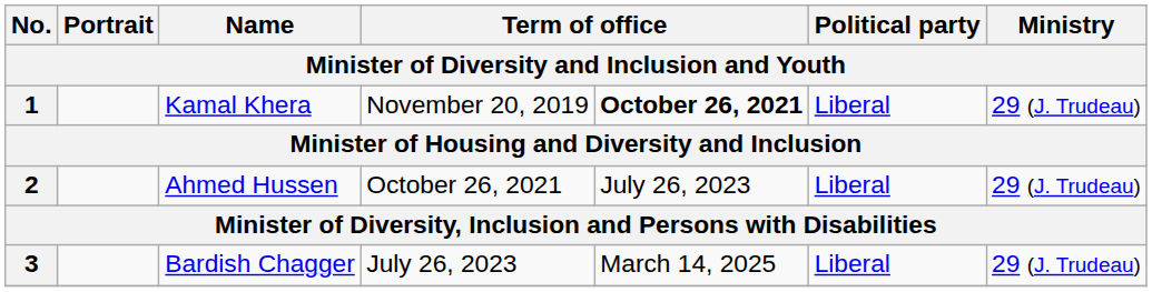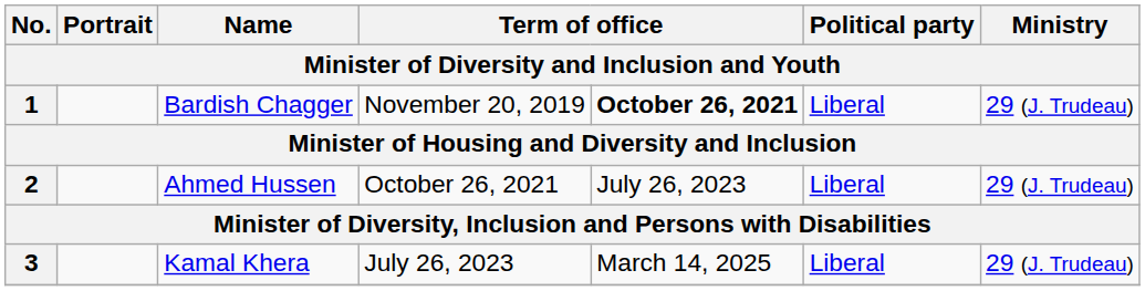 <table class="wikitable">
 <tr>
 <th>No.</th>
 <th>Portrait</th>
 <th>Name</th>
 <th colspan=2>Term of office</th>
 <th>Political party</th>
 <th>Ministry</th>
 </tr>
 <tr>
 <th colspan=7>Minister of Diversity and Inclusion and Youth</th>
 </tr>
 <tr>
 <th style="background:">1</th>
 <td></td>
-<td><a href='#'>Kamal Khera</a></td>
+<td><a href='#'>Bardish Chagger</a></td>
 <td>November 20, 2019</td>
 <td><strong>October 26, 2021</strong></td>
 <td><a href='#'>Liberal</a></td>
 <td><a href='#'>29</a> <small>(<a href='#'>J. Trudeau</a>)</small></td>
 </tr>
 <tr>
 <th colspan=7>Minister of Housing and Diversity and Inclusion</th>
 </tr>
 <tr>
 <th style="background:">2</th>
 <td></td>
 <td><a href='#'>Ahmed Hussen</a></td>
 <td>October 26, 2021</td>
 <td>July 26, 2023</td>
 <td><a href='#'>Liberal</a></td>
 <td><a href='#'>29</a> <small>(<a href='#'>J. Trudeau</a>)</small></td>
 </tr>
 <tr>
 <th colspan=7>Minister of Diversity, Inclusion and Persons with Disabilities</th>
 </tr>
 <tr>
 <th style="background:">3</th>
 <td></td>
-<td><a href='#'>Bardish Chagger</a></td>
+<td><a href='#'>Kamal Khera</a></td>
 <td>July 26, 2023</td>
 <td>March 14, 2025</td>
 <td><a href='#'>Liberal</a></td>
 <td><a href='#'>29</a> <small>(<a href='#'>J. Trudeau</a>)</small></td>
 </tr>
 <tr>
 </tr>
 </table>
